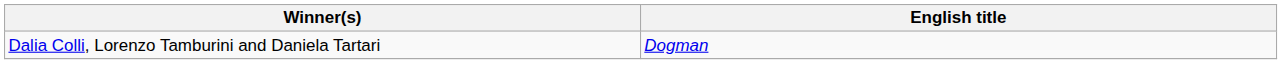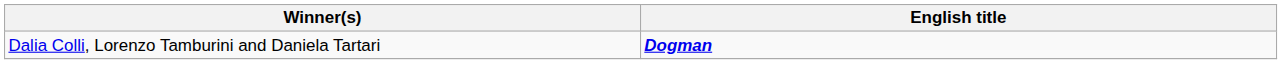 <table class="wikitable" width="95%" cellpadding="5">
 <tr>
 <th width="18%">Winner(s)</th>
 <th width="18%">English title</th>
 </tr>
 <tr>
 <td><a href='#'>Dalia Colli</a>, Lorenzo Tamburini and Daniela Tartari</td>
-<td><em><a href='#'>Dogman</a></em></td>
+<td><strong><em><a href='#'>Dogman</a></em></strong></td>
 </tr>
 <tr>
 </tr>
 </table>
